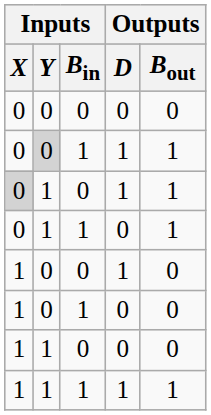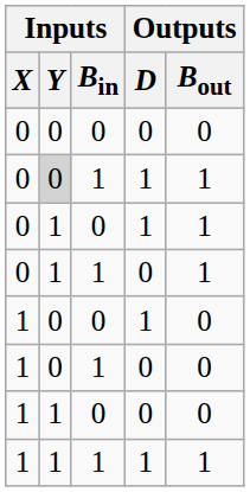 <table class="wikitable" style="text-align:center">
 <tr>
 <th colspan="3">Inputs</th>
 <th colspan="2">Outputs</th>
 </tr>
 <tr>
 <th><em>X</em></th>
 <th><em>Y</em></th>
 <th><em>B</em><sub>in</sub></th>
 <th><em>D</em></th>
 <th><em>B</em><sub>out</sub></th>
 </tr>
 <tr>
 <td>0</td>
 <td>0</td>
 <td>0</td>
 <td>0</td>
 <td>0</td>
 </tr>
 <tr>
 <td>0</td>
 <td style="background: lightgrey;">0</td>
 <td>1</td>
 <td>1</td>
 <td>1</td>
 </tr>
 <tr>
-<td style="background: lightgrey;">0</td>
+<td>0</td>
 <td>1</td>
 <td>0</td>
 <td>1</td>
 <td>1</td>
 </tr>
 <tr>
 <td>0</td>
 <td>1</td>
 <td>1</td>
 <td>0</td>
 <td>1</td>
 </tr>
 <tr>
 <td>1</td>
 <td>0</td>
 <td>0</td>
 <td>1</td>
 <td>0</td>
 </tr>
 <tr>
 <td>1</td>
 <td>0</td>
 <td>1</td>
 <td>0</td>
 <td>0</td>
 </tr>
 <tr>
 <td>1</td>
 <td>1</td>
 <td>0</td>
 <td>0</td>
 <td>0</td>
 </tr>
 <tr>
 <td>1</td>
 <td>1</td>
 <td>1</td>
 <td>1</td>
 <td>1</td>
 </tr>
 </table>
